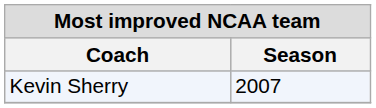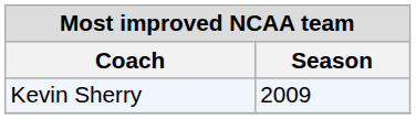 <table class="wikitable" style="font-size:90%">
 <tr>
 <td colspan=7 bgcolor=#DCDCDC align="center"><strong>Most improved NCAA team</strong></td>
 </tr>
 <tr>
 <th scope="col" width="150">Coach</th>
 <th scope="col" width="90">Season</th>
 </tr>
 <tr>
 <td style="background: #f1f5fc">Kevin Sherry</td>
-<td style="background: #f1f5fc">2007 </td>
+<td style="background: #f1f5fc">2009 </td>
 </tr>
 <tr>
 </tr>
 </table>
